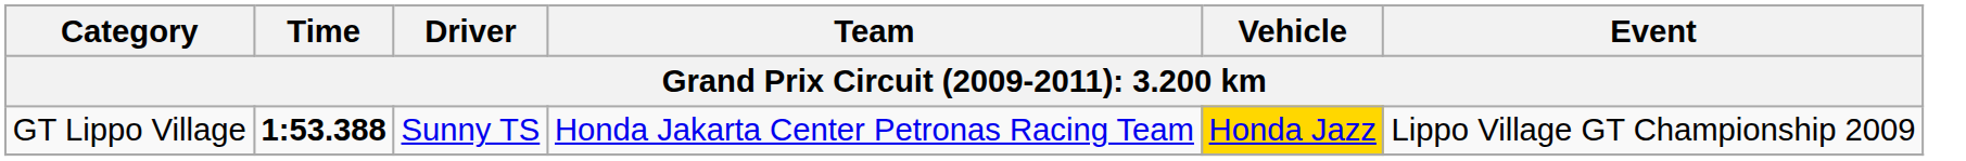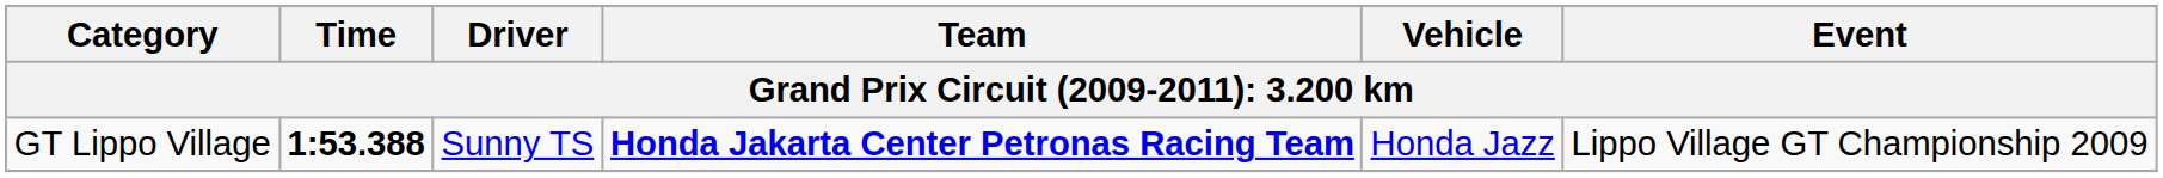 <table class=wikitable style="font-size:90%", style="text-align:center;">
 <tr>
 <th>Category</th>
 <th>Time</th>
 <th>Driver</th>
 <th>Team</th>
 <th>Vehicle</th>
 <th>Event</th>
 </tr>
 <tr>
 <th colspan=6>Grand Prix Circuit (2009-2011): 3.200 km</th>
 </tr>
 <tr>
 <td>GT Lippo Village</td>
 <td><strong>1:53.388</strong></td>
 <td><a href='#'>Sunny TS</a></td>
-<td><a href='#'>Honda Jakarta Center Petronas Racing Team</a></td>
-<td style="background: gold;"><a href='#'>Honda Jazz</a></td>
+<td><strong><a href='#'>Honda Jakarta Center Petronas Racing Team</a></strong></td>
+<td><a href='#'>Honda Jazz</a></td>
 <td>Lippo Village GT Championship 2009</td>
 </tr>
 <tr>
 </tr>
 </table>
